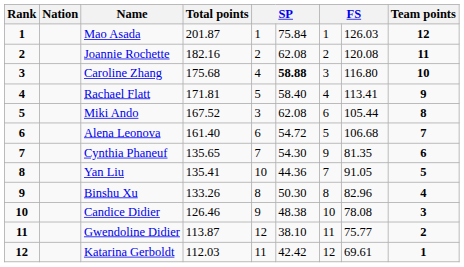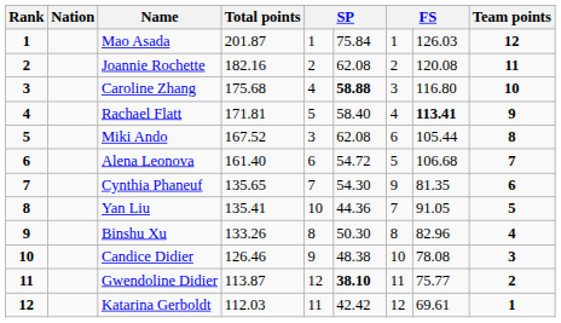 <table class="wikitable sortable">
 <tr>
 <th>Rank</th>
 <th>Nation</th>
 <th>Name</th>
 <th>Total points</th>
 <th colspan="2" width="80px"><a href='#'>SP</a></th>
 <th colspan="2" width="80px"><a href='#'>FS</a></th>
 <th>Team points</th>
 </tr>
 <tr>
 <td align="center"><strong>1</strong></td>
 <td></td>
 <td><a href='#'>Mao Asada</a></td>
 <td>201.87</td>
 <td>1</td>
 <td>75.84</td>
 <td>1</td>
 <td>126.03</td>
 <td align="center"><strong>12</strong></td>
 </tr>
 <tr>
 <td align="center"><strong>2</strong></td>
 <td></td>
 <td><a href='#'>Joannie Rochette</a></td>
 <td>182.16</td>
 <td>2</td>
 <td>62.08</td>
 <td>2</td>
 <td>120.08</td>
 <td align="center"><strong>11</strong></td>
 </tr>
 <tr>
 <td align="center"><strong>3</strong></td>
 <td></td>
 <td><a href='#'>Caroline Zhang</a></td>
 <td>175.68</td>
 <td>4</td>
 <td><strong>58.88</strong></td>
 <td>3</td>
 <td>116.80</td>
 <td align="center"><strong>10</strong></td>
 </tr>
 <tr>
 <td align="center"><strong>4</strong></td>
 <td></td>
 <td><a href='#'>Rachael Flatt</a></td>
 <td>171.81</td>
 <td>5</td>
 <td>58.40</td>
 <td>4</td>
-<td>113.41</td>
+<td><strong>113.41</strong></td>
 <td align="center"><strong>9</strong></td>
 </tr>
 <tr>
 <td align="center"><strong>5</strong></td>
 <td></td>
 <td><a href='#'>Miki Ando</a></td>
 <td>167.52</td>
 <td>3</td>
 <td>62.08</td>
 <td>6</td>
 <td>105.44</td>
 <td align="center"><strong>8</strong></td>
 </tr>
 <tr>
 <td align="center"><strong>6</strong></td>
 <td></td>
 <td><a href='#'>Alena Leonova</a></td>
 <td>161.40</td>
 <td>6</td>
 <td>54.72</td>
 <td>5</td>
 <td>106.68</td>
 <td align="center"><strong>7</strong></td>
 </tr>
 <tr>
 <td align="center"><strong>7</strong></td>
 <td></td>
 <td><a href='#'>Cynthia Phaneuf</a></td>
 <td>135.65</td>
 <td>7</td>
 <td>54.30</td>
 <td>9</td>
 <td>81.35</td>
 <td align="center"><strong>6</strong></td>
 </tr>
 <tr>
 <td align="center"><strong>8</strong></td>
 <td></td>
 <td><a href='#'>Yan Liu</a></td>
 <td>135.41</td>
 <td>10</td>
 <td>44.36</td>
 <td>7</td>
 <td>91.05</td>
 <td align="center"><strong>5</strong></td>
 </tr>
 <tr>
 <td align="center"><strong>9</strong></td>
 <td></td>
 <td><a href='#'>Binshu Xu</a></td>
 <td>133.26</td>
 <td>8</td>
 <td>50.30</td>
 <td>8</td>
 <td>82.96</td>
 <td align="center"><strong>4</strong></td>
 </tr>
 <tr>
 <td align="center"><strong>10</strong></td>
 <td></td>
 <td><a href='#'>Candice Didier</a></td>
 <td>126.46</td>
 <td>9</td>
 <td>48.38</td>
 <td>10</td>
 <td>78.08</td>
 <td align="center"><strong>3</strong></td>
 </tr>
 <tr>
 <td align="center"><strong>11</strong></td>
 <td></td>
 <td><a href='#'>Gwendoline Didier</a></td>
 <td>113.87</td>
 <td>12</td>
-<td>38.10</td>
+<td><strong>38.10</strong></td>
 <td>11</td>
 <td>75.77</td>
 <td align="center"><strong>2</strong></td>
 </tr>
 <tr>
 <td align="center"><strong>12</strong></td>
 <td></td>
 <td><a href='#'>Katarina Gerboldt</a></td>
 <td>112.03</td>
 <td>11</td>
 <td>42.42</td>
 <td>12</td>
 <td>69.61</td>
 <td align="center"><strong>1</strong></td>
 </tr>
 </table>
